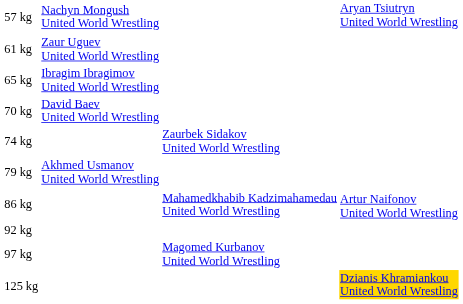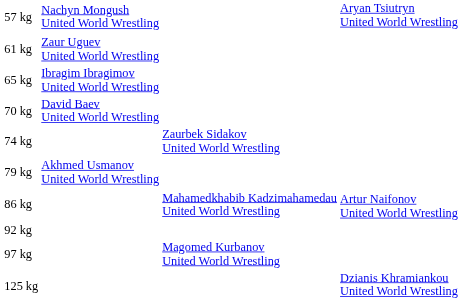 <table>
 <tr>
 <td rowspan=2>57 kg<br></td>
 <td rowspan=2><a href='#'>Nachyn Mongush</a><br> <a href='#'>United World Wrestling</a></td>
 <td rowspan=2></td>
 <td><a href='#'>Aryan Tsiutryn</a><br> <a href='#'>United World Wrestling</a></td>
 </tr>
 <tr>
 <td></td>
 </tr>
 <tr>
 <td rowspan=2>61 kg<br></td>
 <td rowspan=2><a href='#'>Zaur Uguev</a><br> <a href='#'>United World Wrestling</a></td>
 <td rowspan=2></td>
 <td></td>
 </tr>
 <tr>
 <td></td>
 </tr>
 <tr>
 <td rowspan=2>65 kg<br></td>
 <td rowspan=2><a href='#'>Ibragim Ibragimov</a><br> <a href='#'>United World Wrestling</a></td>
 <td rowspan=2></td>
 <td></td>
 </tr>
 <tr>
 <td></td>
 </tr>
 <tr>
 <td rowspan=2>70 kg<br></td>
 <td rowspan=2><a href='#'>David Baev</a><br> <a href='#'>United World Wrestling</a></td>
 <td rowspan=2></td>
 <td></td>
 </tr>
 <tr>
 <td></td>
 </tr>
 <tr>
 <td rowspan=2>74 kg<br></td>
 <td rowspan=2></td>
 <td rowspan=2><a href='#'>Zaurbek Sidakov</a><br> <a href='#'>United World Wrestling</a></td>
 <td></td>
 </tr>
 <tr>
 <td></td>
 </tr>
 <tr>
 <td rowspan=2>79 kg<br></td>
 <td rowspan=2><a href='#'>Akhmed Usmanov</a><br> <a href='#'>United World Wrestling</a></td>
 <td rowspan=2></td>
 <td></td>
 </tr>
 <tr>
 <td></td>
 </tr>
 <tr>
 <td rowspan=2>86 kg<br></td>
 <td rowspan=2></td>
 <td rowspan=2><a href='#'>Mahamedkhabib Kadzimahamedau</a><br> <a href='#'>United World Wrestling</a></td>
 <td></td>
 </tr>
 <tr>
 <td><a href='#'>Artur Naifonov</a><br> <a href='#'>United World Wrestling</a></td>
 </tr>
 <tr>
 <td rowspan=2>92 kg<br></td>
 <td rowspan=2></td>
 <td rowspan=2></td>
 <td></td>
 </tr>
 <tr>
 <td></td>
 </tr>
 <tr>
 <td rowspan=2>97 kg<br></td>
 <td rowspan=2></td>
 <td rowspan=2><a href='#'>Magomed Kurbanov</a><br> <a href='#'>United World Wrestling</a></td>
 <td></td>
 </tr>
 <tr>
 <td></td>
 </tr>
 <tr>
 <td rowspan=2>125 kg<br></td>
 <td rowspan=2></td>
 <td rowspan=2></td>
-<td style="background: gold;"><a href='#'>Dzianis Khramiankou</a><br> <a href='#'>United World Wrestling</a></td>
+<td><a href='#'>Dzianis Khramiankou</a><br> <a href='#'>United World Wrestling</a></td>
 </tr>
 <tr>
 <td></td>
 </tr>
 </table>
